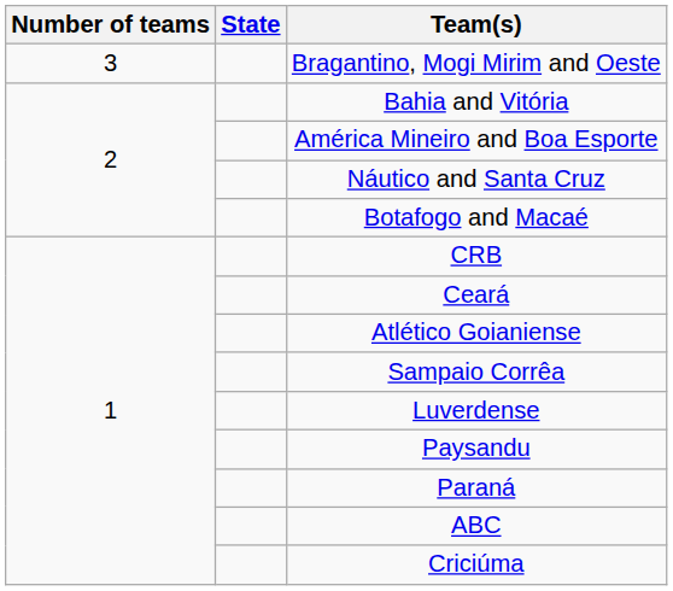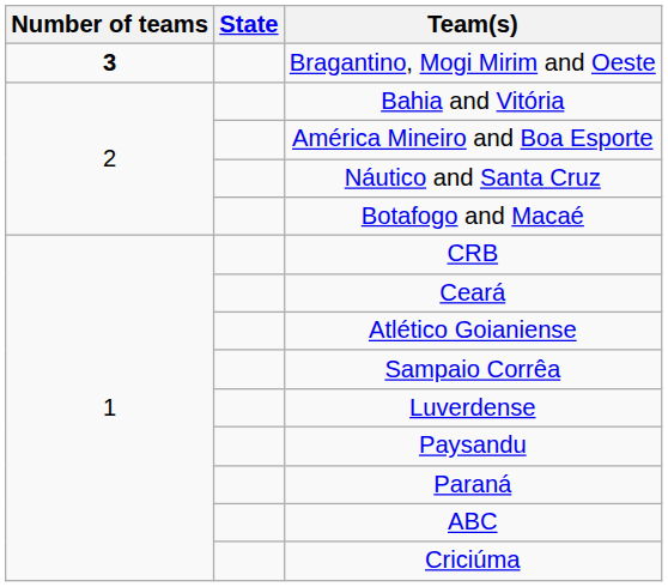 <table class="wikitable" style="text-align:center">
 <tr>
 <th>Number of teams</th>
 <th><a href='#'>State</a></th>
 <th>Team(s)</th>
 </tr>
 <tr>
-<td rowspan="1">3</td>
+<td rowspan="1"><strong>3</strong></td>
 <td align="left"></td>
 <td><a href='#'>Bragantino</a>, <a href='#'>Mogi Mirim</a> and <a href='#'>Oeste</a></td>
 </tr>
 <tr>
 <td rowspan="4">2</td>
 <td align="left"></td>
 <td><a href='#'>Bahia</a> and <a href='#'>Vitória</a></td>
 </tr>
 <tr>
 <td align="left"></td>
 <td><a href='#'>América Mineiro</a> and <a href='#'>Boa Esporte</a></td>
 </tr>
 <tr>
 <td align="left"></td>
 <td><a href='#'>Náutico</a> and <a href='#'>Santa Cruz</a></td>
 </tr>
 <tr>
 <td align="left"></td>
 <td><a href='#'>Botafogo</a> and <a href='#'>Macaé</a></td>
 </tr>
 <tr>
 <td rowspan="10">1</td>
 <td align="left"></td>
 <td><a href='#'>CRB</a></td>
 </tr>
 <tr>
 <td align="left"></td>
 <td><a href='#'>Ceará</a></td>
 </tr>
 <tr>
 <td align="left"></td>
 <td><a href='#'>Atlético Goianiense</a></td>
 </tr>
 <tr>
 <td align="left"></td>
 <td><a href='#'>Sampaio Corrêa</a></td>
 </tr>
 <tr>
 <td align="left"></td>
 <td><a href='#'>Luverdense</a></td>
 </tr>
 <tr>
 <td align="left"></td>
 <td><a href='#'>Paysandu</a></td>
 </tr>
 <tr>
 <td align="left"></td>
 <td><a href='#'>Paraná</a></td>
 </tr>
 <tr>
 <td align="left"></td>
 <td><a href='#'>ABC</a></td>
 </tr>
 <tr>
 <td align="left"></td>
 <td><a href='#'>Criciúma</a></td>
 </tr>
 </table>
